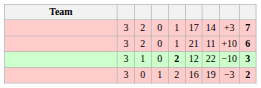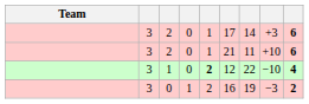 <table class="wikitable" style="text-align: center;">
 <tr>
 <th width="175">Team</th>
 <th width="20"></th>
 <th width="20"></th>
 <th width="20"></th>
 <th width="20"></th>
 <th width="20"></th>
 <th width="20"></th>
 <th width="20"></th>
 <th width="20"></th>
 </tr>
 <tr style="background-color: #ffcccc;">
 <td align=left></td>
 <td>3</td>
 <td>2</td>
 <td>0</td>
 <td>1</td>
 <td>17</td>
 <td>14</td>
 <td>+3</td>
-<td><strong>7</strong></td>
+<td><strong>6</strong></td>
 </tr>
 <tr style="background-color: #ffcccc;">
 <td align=left></td>
 <td>3</td>
 <td>2</td>
 <td>0</td>
 <td>1</td>
 <td>21</td>
 <td>11</td>
 <td>+10</td>
 <td><strong>6</strong></td>
 </tr>
 <tr style="background-color: #ccffcc;">
 <td align=left></td>
 <td>3</td>
 <td>1</td>
 <td>0</td>
 <td><strong>2</strong></td>
 <td>12</td>
 <td>22</td>
 <td>−10</td>
-<td><strong>3</strong></td>
+<td><strong>4</strong></td>
 </tr>
 <tr style="background-color: #ffcccc;">
 <td align=left></td>
 <td>3</td>
 <td>0</td>
 <td>1</td>
 <td>2</td>
 <td>16</td>
 <td>19</td>
 <td>−3</td>
 <td><strong>2</strong></td>
 </tr>
 </table>
